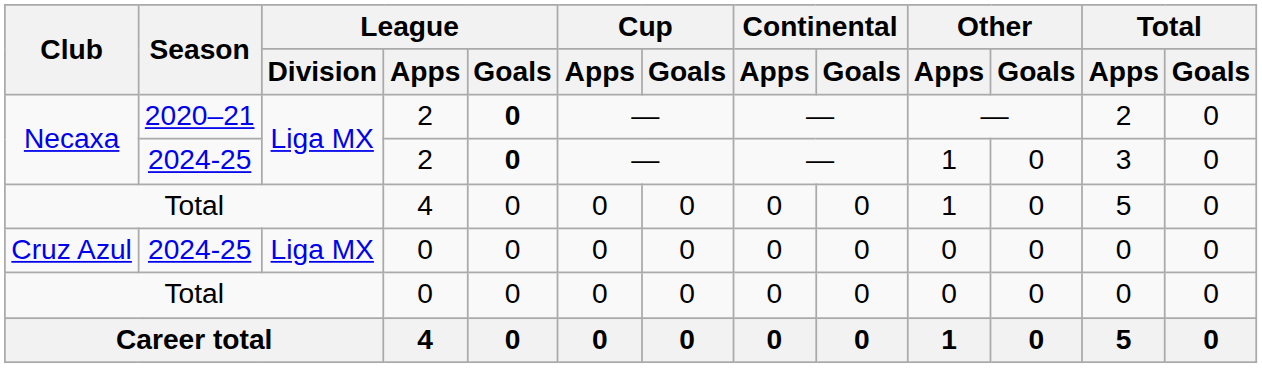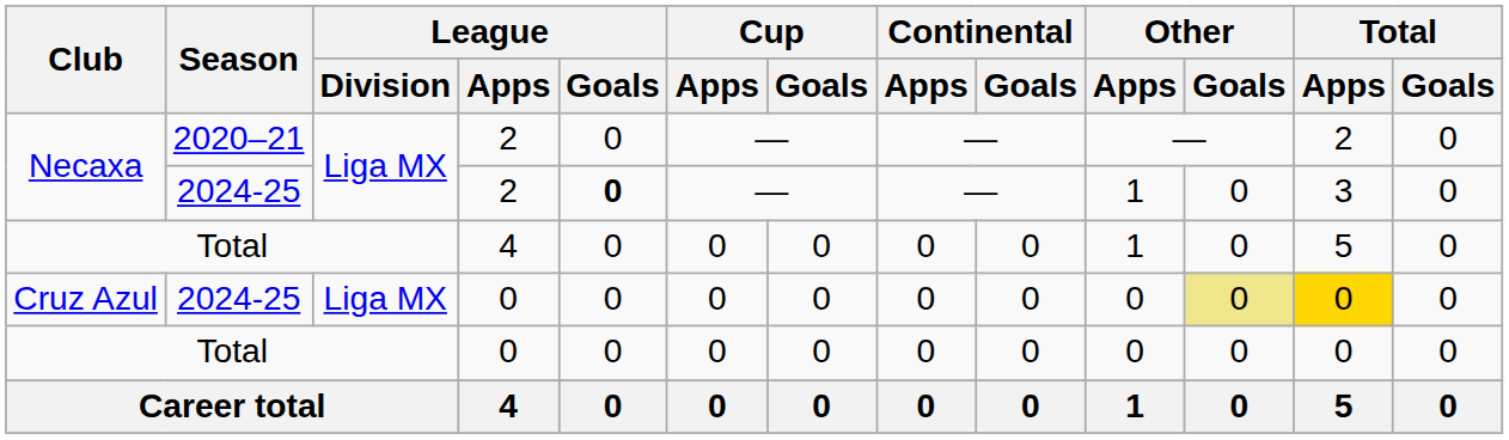 <table class="wikitable" style="text-align: center">
 <tr>
 <th rowspan="2">Club</th>
 <th rowspan="2">Season</th>
 <th colspan="3">League</th>
 <th colspan="2">Cup</th>
 <th colspan="2">Continental</th>
 <th colspan="2">Other</th>
 <th colspan="2">Total</th>
 </tr>
 <tr>
 <th>Division</th>
 <th>Apps</th>
 <th>Goals</th>
 <th>Apps</th>
 <th>Goals</th>
 <th>Apps</th>
 <th>Goals</th>
 <th>Apps</th>
 <th>Goals</th>
 <th>Apps</th>
 <th>Goals</th>
 </tr>
 <tr>
 <td rowspan="2"><a href='#'>Necaxa</a></td>
 <td><a href='#'>2020–21</a></td>
 <td rowspan="2"><a href='#'>Liga MX</a></td>
 <td>2</td>
-<td><strong>0</strong></td>
+<td>0</td>
 <td colspan="2">—</td>
 <td colspan="2">—</td>
 <td colspan="2">—</td>
 <td>2</td>
 <td>0</td>
 </tr>
 <tr>
 <td><a href='#'>2024-25</a></td>
 <td>2</td>
 <td><strong>0</strong></td>
 <td colspan="2">—</td>
 <td colspan="2">—</td>
 <td>1</td>
 <td>0</td>
 <td>3</td>
 <td>0</td>
 </tr>
 <tr>
 <td colspan="3">Total</td>
 <td>4</td>
 <td>0</td>
 <td>0</td>
 <td>0</td>
 <td>0</td>
 <td>0</td>
 <td>1</td>
 <td>0</td>
 <td>5</td>
 <td>0</td>
 </tr>
 <tr>
 <td><a href='#'>Cruz Azul</a></td>
 <td><a href='#'>2024-25</a></td>
 <td><a href='#'>Liga MX</a></td>
 <td>0</td>
 <td>0</td>
 <td>0</td>
 <td>0</td>
 <td>0</td>
 <td>0</td>
 <td>0</td>
-<td>0</td>
-<td>0</td>
+<td style="background: khaki;">0</td>
+<td style="background: gold;">0</td>
 <td>0</td>
 </tr>
 <tr>
 <td colspan="3">Total</td>
 <td>0</td>
 <td>0</td>
 <td>0</td>
 <td>0</td>
 <td>0</td>
 <td>0</td>
 <td>0</td>
 <td>0</td>
 <td>0</td>
 <td>0</td>
 </tr>
 <tr>
 <th colspan="3"><strong>Career total</strong></th>
 <th>4</th>
 <th>0</th>
 <th>0</th>
 <th>0</th>
 <th>0</th>
 <th>0</th>
 <th>1</th>
 <th>0</th>
 <th>5</th>
 <th>0</th>
 </tr>
 </table>
